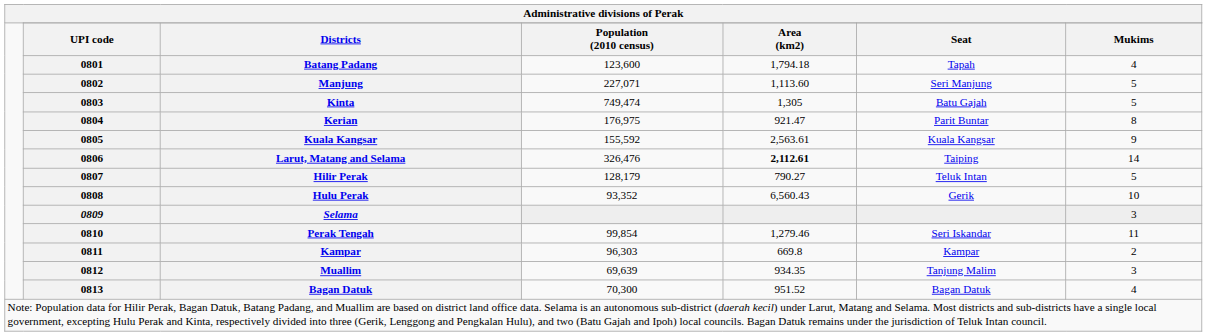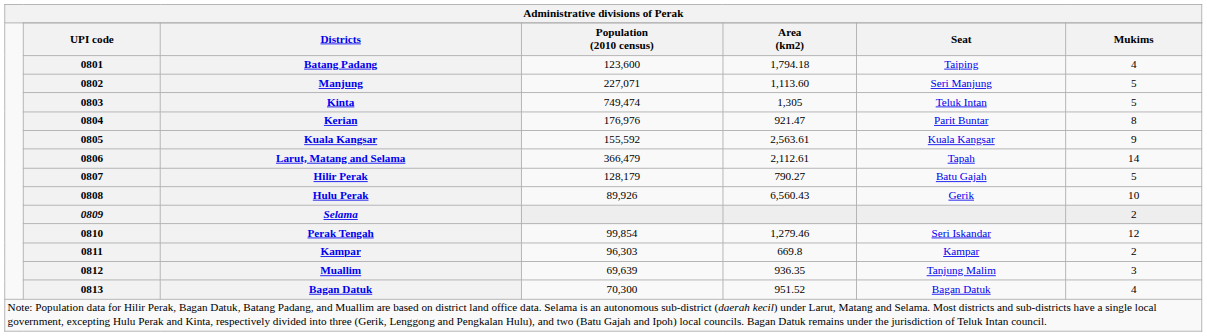 <table class="wikitable" style="margin:1em auto 1em auto; width:90%; font-size:smaller; text-align:center">
 <tr>
 <th colspan=7><strong>Administrative divisions of Perak</strong></th>
 </tr>
 <tr>
 <td rowspan=15 style="font-size:larger"></td>
 </tr>
 <tr>
 <th>UPI code</th>
 <th><a href='#'>Districts</a></th>
 <th>Population<br>(2010 census)</th>
 <th>Area<br>(km2)</th>
 <th>Seat</th>
 <th>Mukims</th>
 </tr>
 <tr>
 <th>0801</th>
 <th><a href='#'>Batang Padang</a></th>
 <td>123,600</td>
 <td>1,794.18</td>
-<td><a href='#'>Tapah</a></td>
+<td><a href='#'>Taiping</a></td>
 <td>4</td>
 </tr>
 <tr>
 <th>0802</th>
 <th><a href='#'>Manjung</a></th>
 <td>227,071</td>
 <td>1,113.60</td>
 <td><a href='#'>Seri Manjung</a></td>
 <td>5</td>
 </tr>
 <tr>
 <th>0803</th>
 <th><a href='#'>Kinta</a></th>
 <td>749,474</td>
 <td>1,305</td>
-<td><a href='#'>Batu Gajah</a></td>
+<td><a href='#'>Teluk Intan</a></td>
 <td>5</td>
 </tr>
 <tr>
 <th>0804</th>
 <th><a href='#'>Kerian</a></th>
-<td>176,975</td>
+<td>176,976</td>
 <td>921.47</td>
 <td><a href='#'>Parit Buntar</a></td>
 <td>8</td>
 </tr>
 <tr>
 <th>0805</th>
 <th><a href='#'>Kuala Kangsar</a></th>
 <td>155,592</td>
 <td>2,563.61</td>
 <td><a href='#'>Kuala Kangsar</a></td>
 <td>9</td>
 </tr>
 <tr>
 <th>0806</th>
 <th><a href='#'>Larut, Matang and Selama</a></th>
-<td>326,476</td>
-<td><strong>2,112.61</strong></td>
-<td><a href='#'>Taiping</a></td>
+<td>366,479</td>
+<td>2,112.61</td>
+<td><a href='#'>Tapah</a></td>
 <td>14</td>
 </tr>
 <tr>
 <th>0807</th>
 <th><a href='#'>Hilir Perak</a></th>
 <td>128,179</td>
 <td>790.27</td>
-<td><a href='#'>Teluk Intan</a></td>
+<td><a href='#'>Batu Gajah</a></td>
 <td>5</td>
 </tr>
 <tr>
 <th>0808</th>
 <th><a href='#'>Hulu Perak</a></th>
-<td>93,352</td>
+<td>89,926</td>
 <td>6,560.43</td>
 <td><a href='#'>Gerik</a></td>
 <td>10</td>
 </tr>
 <tr style="background:#EEEEEE;">
 <th><em>0809</em></th>
 <th><em><a href='#'>Selama</a></em></th>
 <td></td>
 <td></td>
 <td></td>
-<td>3</td>
+<td>2</td>
 </tr>
 <tr>
 <th>0810</th>
 <th><a href='#'>Perak Tengah</a></th>
 <td>99,854</td>
 <td>1,279.46</td>
 <td><a href='#'>Seri Iskandar</a></td>
-<td>11</td>
+<td>12</td>
 </tr>
 <tr>
 <th>0811</th>
 <th><a href='#'>Kampar</a></th>
 <td>96,303</td>
 <td>669.8</td>
 <td><a href='#'>Kampar</a></td>
 <td>2</td>
 </tr>
 <tr>
 <th>0812</th>
 <th><a href='#'>Muallim</a></th>
 <td>69,639</td>
-<td>934.35</td>
+<td>936.35</td>
 <td><a href='#'>Tanjung Malim</a></td>
 <td>3</td>
 </tr>
 <tr>
 <th>0813</th>
 <th><a href='#'>Bagan Datuk</a></th>
 <td>70,300</td>
 <td>951.52</td>
 <td><a href='#'>Bagan Datuk</a></td>
 <td>4</td>
 </tr>
 <tr>
 <td colspan=7 style="text-align:left">Note: Population data for Hilir Perak, Bagan Datuk, Batang Padang, and Muallim are based on district land office data. Selama is an autonomous sub-district (<em>daerah kecil</em>) under Larut, Matang and Selama. Most districts and sub-districts have a single local government, excepting Hulu Perak and Kinta, respectively divided into three (Gerik, Lenggong and Pengkalan Hulu), and two (Batu Gajah and Ipoh) local councils. Bagan Datuk remains under the jurisdiction of Teluk Intan council.</td>
 </tr>
 </table>
